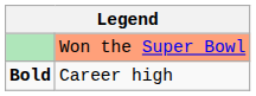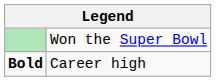 <table class="wikitable">
 <tr>
 <th colspan="2">Legend</th>
 </tr>
 <tr>
 <td style="background:#afe6ba;"></td>
-<td style="background: lightsalmon;">Won the <a href='#'>Super Bowl</a></td>
+<td>Won the <a href='#'>Super Bowl</a></td>
 </tr>
 <tr>
 <td><strong>Bold</strong></td>
 <td>Career high</td>
 </tr>
 </table>
